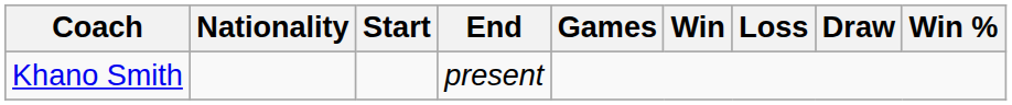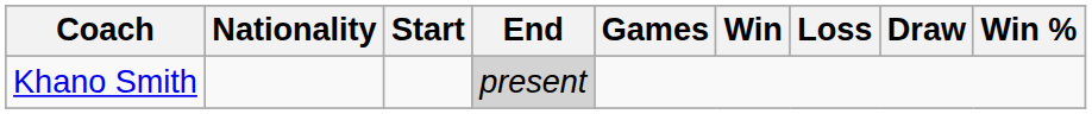 <table class="wikitable" style="text-align:center; margin-left: lem;">
 <tr>
 <th>Coach</th>
 <th>Nationality</th>
 <th>Start</th>
 <th>End</th>
 <th>Games</th>
 <th><strong>Win</strong></th>
 <th>Loss</th>
 <th>Draw</th>
 <th>Win %</th>
 </tr>
 <tr>
 <td><a href='#'>Khano Smith</a></td>
 <td></td>
 <td></td>
-<td><em>present</em><br></td>
+<td style="background: lightgrey;"><em>present</em><br></td>
 </tr>
 </table>
